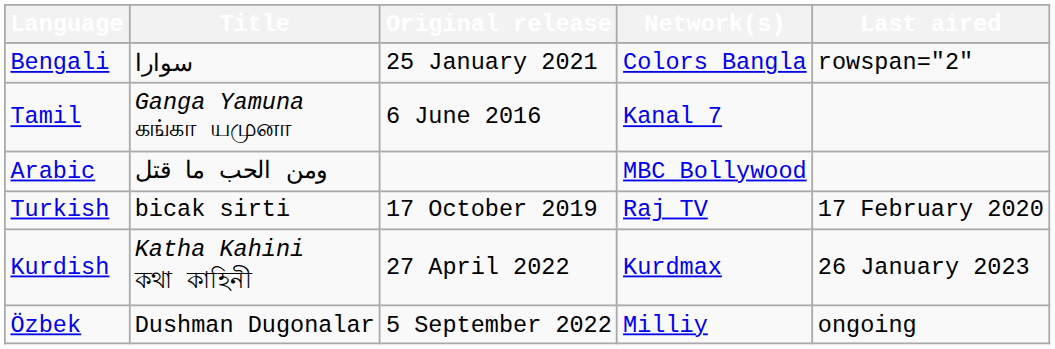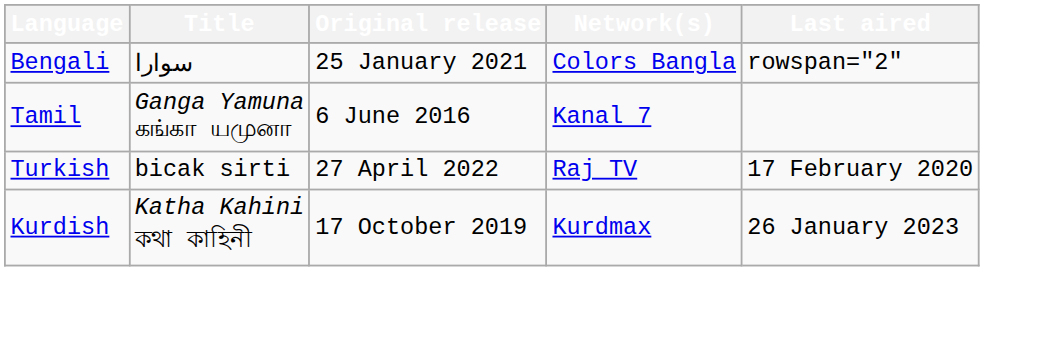 <table class="wikitable" margin-right:0;">
 <tr style="color:white">
 <th style="background:#yellow;">Language</th>
 <th style="background:#yellow;">Title</th>
 <th style="background:#yellow;">Original release</th>
 <th style="background:#yellow;">Network(s)</th>
 <th style="background:#yellow;">Last aired</th>
 </tr>
 <tr>
 <td><a href='#'>Bengali</a></td>
 <td>سوارا</td>
 <td>25 January 2021</td>
 <td><a href='#'>Colors Bangla</a></td>
 <td>rowspan="2" </td>
 </tr>
 <tr>
 <td><a href='#'>Tamil</a></td>
 <td><em>Ganga Yamuna</em> <br> கங்கா யமுனா</td>
 <td>6 June 2016</td>
 <td><a href='#'>Kanal 7</a></td>
 </tr>
 <tr>
-<td><a href='#'>Arabic</a></td>
-<td>ومن الحب ما قتل</td>
-<td></td>
-<td><a href='#'>MBC Bollywood</a></td>
-<td></td>
-</tr>
-<tr>
 <td><a href='#'>Turkish</a></td>
 <td>bicak sirti</td>
-<td>17 October 2019</td>
+<td>27 April 2022</td>
 <td><a href='#'>Raj TV</a></td>
 <td>17 February 2020</td>
 </tr>
 <tr>
 <td><a href='#'>Kurdish</a></td>
 <td><em>Katha Kahini</em> <br> কথা কাহিনী</td>
-<td>27 April 2022</td>
+<td>17 October 2019</td>
 <td><a href='#'>Kurdmax</a></td>
 <td>26 January 2023</td>
 </tr>
-<tr>
-<td><a href='#'>Özbek</a></td>
-<td>Dushman Dugonalar</td>
-<td>5 September 2022</td>
-<td><a href='#'>Milliy</a></td>
-<td>ongoing</td>
-</tr>
 </table>
